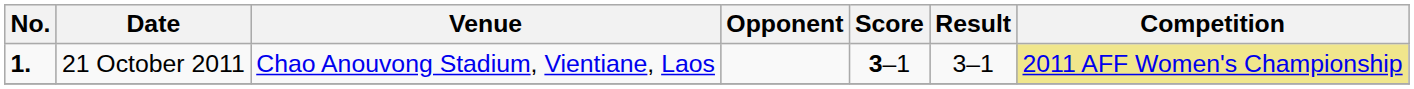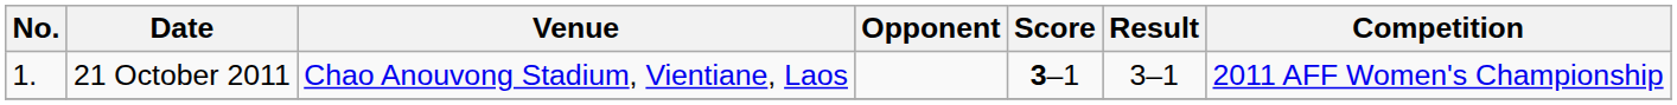 <table class="wikitable">
 <tr>
 <th>No.</th>
 <th>Date</th>
 <th>Venue</th>
 <th>Opponent</th>
 <th>Score</th>
 <th>Result</th>
 <th>Competition</th>
 </tr>
 <tr>
-<td><strong>1.</strong></td>
+<td>1.</td>
 <td>21 October 2011</td>
 <td><a href='#'>Chao Anouvong Stadium</a>, <a href='#'>Vientiane</a>, <a href='#'>Laos</a></td>
 <td></td>
 <td align=center><strong>3</strong>–1</td>
 <td align=center>3–1</td>
-<td style="background: khaki;"><a href='#'>2011 AFF Women's Championship</a></td>
+<td><a href='#'>2011 AFF Women's Championship</a></td>
 </tr>
 <tr>
 </tr>
 </table>
